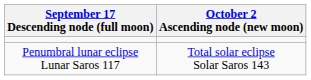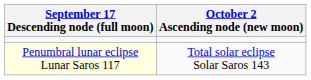 <table class="wikitable">
 <tr>
 <th><a href='#'>September 17</a><br>Descending node (full moon)</th>
 <th><a href='#'>October 2</a><br>Ascending node (new moon)<br></th>
 </tr>
 <tr>
 <td></td>
 <td></td>
 </tr>
 <tr align=center>
-<td><a href='#'>Penumbral lunar eclipse</a><br>Lunar Saros 117</td>
+<td style="background: lightyellow;"><a href='#'>Penumbral lunar eclipse</a><br>Lunar Saros 117</td>
 <td><a href='#'>Total solar eclipse</a><br>Solar Saros 143</td>
 </tr>
 </table>
